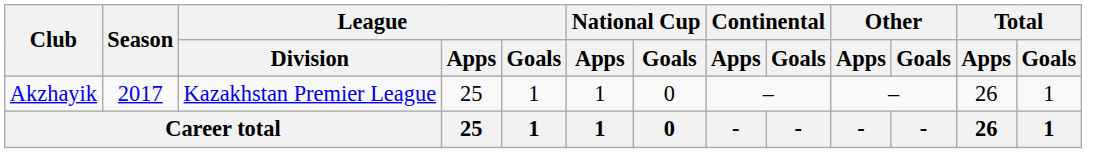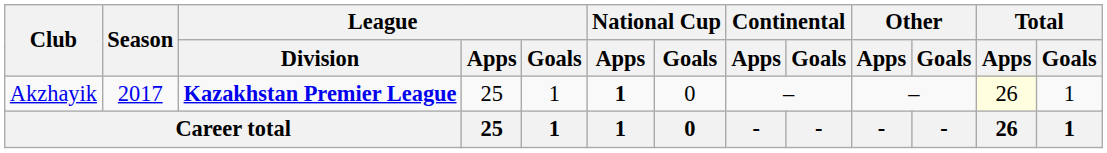 <table class="wikitable" style="text-align: center;">
 <tr>
 <th rowspan="2">Club</th>
 <th rowspan="2">Season</th>
 <th colspan="3">League</th>
 <th colspan="2">National Cup</th>
 <th colspan="2">Continental</th>
 <th colspan="2">Other</th>
 <th colspan="2">Total</th>
 </tr>
 <tr>
 <th>Division</th>
 <th>Apps</th>
 <th>Goals</th>
 <th>Apps</th>
 <th>Goals</th>
 <th>Apps</th>
 <th>Goals</th>
 <th>Apps</th>
 <th>Goals</th>
 <th>Apps</th>
 <th>Goals</th>
 </tr>
 <tr>
 <td valign="center"><a href='#'>Akzhayik</a></td>
 <td><a href='#'>2017</a></td>
-<td><a href='#'>Kazakhstan Premier League</a></td>
+<td><strong><a href='#'>Kazakhstan Premier League</a></strong></td>
 <td>25</td>
 <td>1</td>
-<td>1</td>
+<td><strong>1</strong></td>
 <td>0</td>
 <td colspan="2">–</td>
 <td colspan="2">–</td>
-<td>26</td>
+<td style="background: lightyellow;">26</td>
 <td>1</td>
 </tr>
 <tr>
 <th colspan="3">Career total</th>
 <th>25</th>
 <th>1</th>
 <th>1</th>
 <th>0</th>
 <th>-</th>
 <th>-</th>
 <th>-</th>
 <th>-</th>
 <th>26</th>
 <th>1</th>
 </tr>
 </table>
